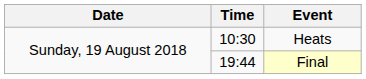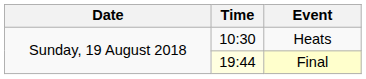 <table class = "wikitable" style="text-align:center;">
 <tr>
 <th width=220>Date</th>
 <th width=50>Time</th>
 <th width=100>Event</th>
 </tr>
 <tr>
 <td rowspan=2>Sunday, 19 August 2018</td>
 <td>10:30</td>
 <td>Heats</td>
 </tr>
 <tr>
-<td>19:44</td>
+<td style="background: lightyellow;">19:44</td>
 <td bgcolor=ffffcc>Final</td>
 </tr>
 </table>
